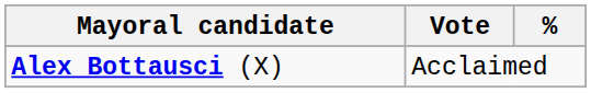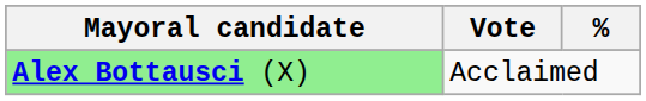 <table class="wikitable">
 <tr>
 <th bgcolor="#DDDDFF" width="200px">Mayoral candidate</th>
 <th bgcolor="#DDDDFF" width="50px">Vote</th>
 <th bgcolor="#DDDDFF" width="30px">%</th>
 </tr>
 <tr>
-<td><strong><a href='#'>Alex Bottausci</a></strong> (X)</td>
+<td style="background: lightgreen;"><strong><a href='#'>Alex Bottausci</a></strong> (X)</td>
 <td colspan="2">Acclaimed</td>
 </tr>
 </table>
